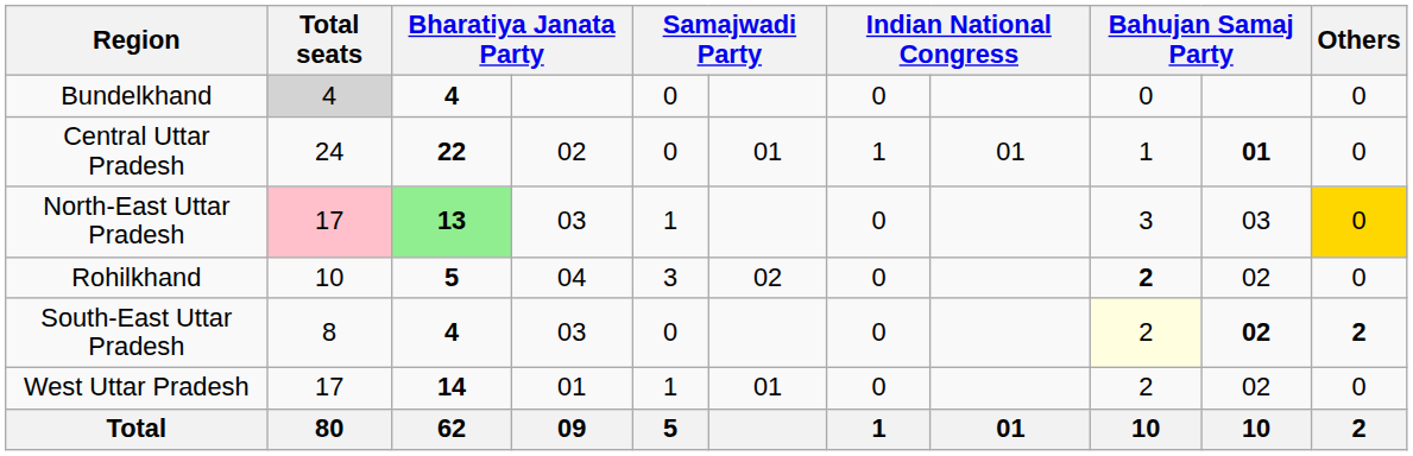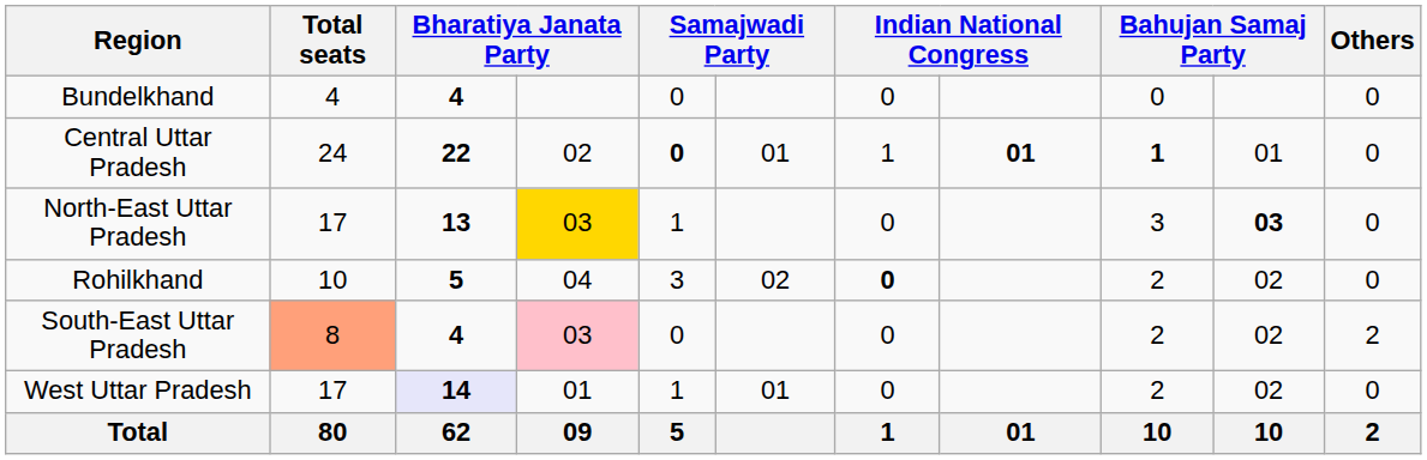 <table class="wikitable sortable" style="text-align:center;">
 <tr>
 <th>Region</th>
 <th>Total seats</th>
 <th colspan="2"><a href='#'>Bharatiya Janata Party</a></th>
 <th colspan="2"><a href='#'>Samajwadi Party</a></th>
 <th colspan="2"><a href='#'>Indian National Congress</a></th>
 <th colspan="2"><a href='#'>Bahujan Samaj Party</a></th>
 <th>Others</th>
 </tr>
 <tr>
 <td>Bundelkhand</td>
-<td style="background: lightgrey;">4</td>
+<td>4</td>
 <td><strong>4</strong></td>
 <td></td>
 <td>0</td>
 <td></td>
 <td>0</td>
 <td></td>
 <td>0</td>
 <td></td>
 <td>0</td>
 </tr>
 <tr>
 <td>Central Uttar Pradesh</td>
 <td>24</td>
 <td><strong>22</strong></td>
 <td> 02</td>
-<td>0</td>
-<td> 01</td>
-<td>1</td>
+<td><strong>0</strong></td>
 <td> 01</td>
 <td>1</td>
 <td><strong> 01</strong></td>
+<td><strong>1</strong></td>
+<td> 01</td>
 <td>0</td>
 </tr>
 <tr>
 <td>North-East Uttar Pradesh</td>
-<td style="background: pink;">17</td>
-<td style="background: lightgreen;"><strong>13</strong></td>
-<td> 03</td>
+<td>17</td>
+<td><strong>13</strong></td>
+<td style="background: gold;"> 03</td>
 <td>1</td>
 <td></td>
 <td>0</td>
 <td></td>
 <td>3</td>
-<td> 03</td>
-<td style="background: gold;">0</td>
+<td><strong> 03</strong></td>
+<td>0</td>
 </tr>
 <tr>
 <td>Rohilkhand</td>
 <td>10</td>
 <td><strong>5</strong></td>
 <td> 04</td>
 <td>3</td>
 <td> 02</td>
-<td>0</td>
+<td><strong>0</strong></td>
 <td></td>
-<td><strong>2</strong></td>
+<td>2</td>
 <td> 02</td>
 <td>0</td>
 </tr>
 <tr>
 <td>South-East Uttar Pradesh</td>
-<td>8</td>
+<td style="background: lightsalmon;">8</td>
 <td><strong>4</strong></td>
-<td> 03</td>
+<td style="background: pink;"> 03</td>
 <td>0</td>
 <td></td>
 <td>0</td>
 <td></td>
-<td style="background: lightyellow;">2</td>
-<td><strong> 02</strong></td>
-<td><strong>2</strong></td>
+<td>2</td>
+<td> 02</td>
+<td>2</td>
 </tr>
 <tr>
 <td>West Uttar Pradesh</td>
 <td>17</td>
-<td><strong>14</strong></td>
+<td style="background: lavender;"><strong>14</strong></td>
 <td> 01</td>
 <td>1</td>
 <td> 01</td>
 <td>0</td>
 <td></td>
 <td>2</td>
 <td> 02</td>
 <td>0</td>
 </tr>
 <tr>
 <th><strong>Total</strong></th>
 <th>80</th>
 <th>62</th>
 <th> 09</th>
 <th>5</th>
 <th></th>
 <th>1</th>
 <th> 01</th>
 <th>10</th>
 <th>10</th>
 <th>2</th>
 </tr>
 </table>
